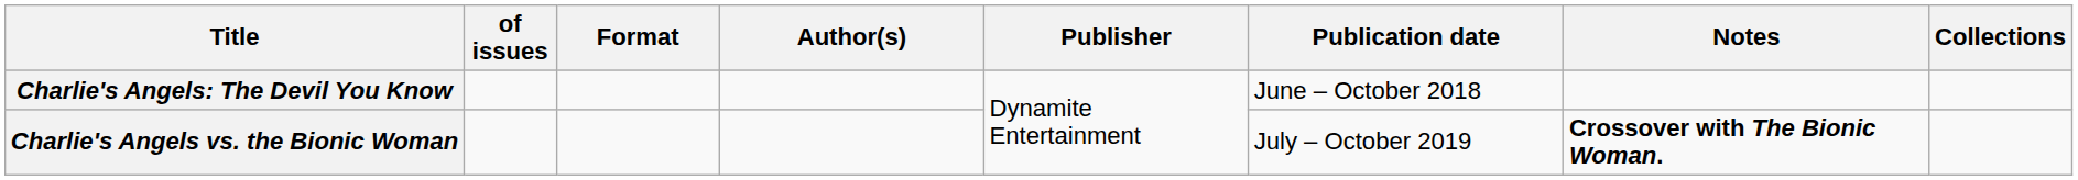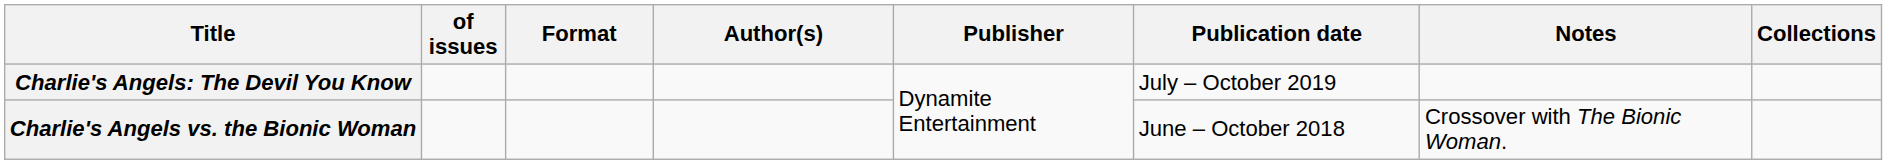 <table class="wikitable">
 <tr>
 <th>Title</th>
 <th style="width:40pt"> of issues</th>
 <th style="width:75pt">Format</th>
 <th style="width:125pt">Author(s)</th>
 <th style="width:125pt">Publisher</th>
 <th style="width:150pt">Publication date</th>
 <th style="width:175pt">Notes</th>
 <th>Collections</th>
 </tr>
 <tr>
 <th><em>Charlie's Angels: The Devil You Know</em></th>
 <td></td>
 <td></td>
 <td></td>
 <td rowspan="2">Dynamite Entertainment</td>
-<td>June – October 2018</td>
+<td>July – October 2019</td>
 <td></td>
 <td></td>
 </tr>
 <tr>
 <th><em>Charlie's Angels vs. the Bionic Woman</em></th>
 <td></td>
 <td></td>
 <td></td>
-<td>July – October 2019</td>
-<td><strong>Crossover with <em>The Bionic Woman</em>.</strong></td>
+<td>June – October 2018</td>
+<td>Crossover with <em>The Bionic Woman</em>.</td>
 <td></td>
 </tr>
 </table>
